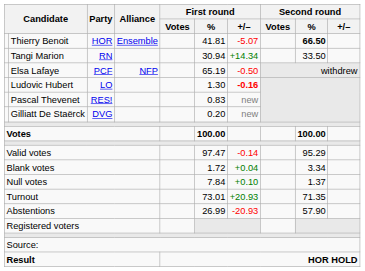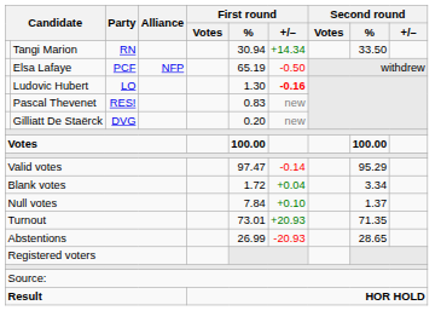 <table class="wikitable" style="text-align:right;font-size:95%;">
 <tr>
 <th rowspan="2" colspan="2">Candidate</th>
 <th colspan="1" rowspan="2">Party</th>
 <th colspan="1" rowspan="2">Alliance</th>
 <th colspan="3">First round</th>
 <th colspan="3">Second round</th>
 </tr>
 <tr>
 <th style="width:50px;">Votes</th>
 <th style="width:45px;">%</th>
 <th style="width:45px;">+/–</th>
 <th style="width:50px;">Votes</th>
 <th style="width:45px;">%</th>
 <th style="width:45px;">+/–</th>
-</tr>
-<tr>
-<td style="color:inherit;background:"></td>
-<td style="text-align:left;">Thierry Benoit</td>
-<td><a href='#'>HOR</a></td>
-<td><a href='#'>Ensemble</a></td>
-<td></td>
-<td>41.81</td>
-<td style="color:red;">-5.07</td>
-<td><strong></strong></td>
-<td><strong>66.50</strong></td>
-<td style="color:grey;"></td>
 </tr>
 <tr>
 <td style="color:inherit;background:"></td>
 <td style="text-align:left;">Tangi Marion</td>
 <td><a href='#'>RN</a></td>
 <td></td>
 <td></td>
 <td>30.94</td>
 <td style="color:green;">+14.34</td>
 <td></td>
 <td>33.50</td>
 <td style="color:grey;"></td>
 </tr>
 <tr>
 <td style="color:inherit;background:"></td>
 <td style="text-align:left;">Elsa Lafaye</td>
 <td><a href='#'>PCF</a></td>
 <td><a href='#'>NFP</a></td>
 <td></td>
 <td>65.19</td>
 <td style="color:red;">-0.50</td>
 <td colspan="3" style="background:#E9E9E9;">withdrew</td>
 </tr>
 <tr>
 <td style="color:inherit;background:"></td>
 <td style="text-align:left;">Ludovic Hubert</td>
 <td><a href='#'>LO</a></td>
 <td></td>
 <td></td>
 <td>1.30</td>
 <td style="color:red;"><strong>-0.16</strong></td>
 <td colspan="3" rowspan="3" style="background:#E9E9E9;"></td>
 </tr>
 <tr>
 <td style="color:inherit;background:"></td>
 <td style="text-align:left;">Pascal Thevenet</td>
 <td><a href='#'>RES!</a></td>
 <td></td>
 <td></td>
 <td>0.83</td>
 <td style="color:grey;">new</td>
 </tr>
 <tr>
 <td style="color:inherit;background:"></td>
 <td style="text-align:left;">Gilliatt De Staërck</td>
 <td><a href='#'>DVG</a></td>
 <td></td>
 <td></td>
 <td>0.20</td>
 <td style="color:grey;">new</td>
 </tr>
 <tr>
 <td colspan="10" style="background:#E9E9E9;"></td>
 </tr>
 <tr style="font-weight:bold;">
 <td colspan="4" style="text-align:left;">Votes</td>
 <td></td>
 <td>100.00</td>
 <td></td>
 <td></td>
 <td>100.00</td>
 <td></td>
 </tr>
 <tr>
 <td colspan="10" style="background:#E9E9E9;"></td>
 </tr>
 <tr>
 <td colspan="4" style="text-align:left;">Valid votes</td>
 <td></td>
 <td>97.47</td>
 <td style="color:red;">-0.14</td>
 <td></td>
 <td>95.29</td>
 <td style="color:grey;"></td>
 </tr>
 <tr>
 <td colspan="4" style="text-align:left;">Blank votes</td>
 <td></td>
 <td>1.72</td>
 <td style="color:green;">+0.04</td>
 <td></td>
 <td>3.34</td>
 <td style="color:grey;"></td>
 </tr>
 <tr>
 <td colspan="4" style="text-align:left;">Null votes</td>
 <td></td>
 <td>7.84</td>
 <td style="color:green;">+0.10</td>
 <td></td>
 <td>1.37</td>
 <td style="color:grey;"></td>
 </tr>
 <tr>
 <td colspan="4" style="text-align:left;">Turnout</td>
 <td></td>
 <td>73.01</td>
 <td style="color:green;">+20.93</td>
 <td></td>
 <td>71.35</td>
 <td style="color:grey;"></td>
 </tr>
 <tr>
 <td colspan="4" style="text-align:left;">Abstentions</td>
 <td></td>
 <td>26.99</td>
 <td style="color:red;">-20.93</td>
 <td></td>
-<td>57.90</td>
+<td>28.65</td>
 <td style="color:grey;"></td>
 </tr>
 <tr>
 <td colspan="4" style="text-align:left;">Registered voters</td>
 <td></td>
 <td colspan="2" style="background:#E9E9E9;"></td>
 <td></td>
 <td colspan="2" style="background:#E9E9E9;"></td>
 </tr>
 <tr>
 <td colspan="10" style="background:#E9E9E9;"></td>
 </tr>
 <tr>
 <td colspan="10" style="text-align:left;">Source: </td>
 </tr>
 <tr style="font-weight:bold">
 <td colspan="4" style="text-align:left;">Result</td>
 <td colspan="6" style="background-color:">HOR HOLD</td>
 </tr>
 </table>
